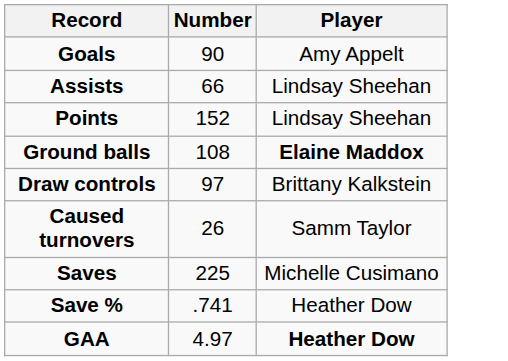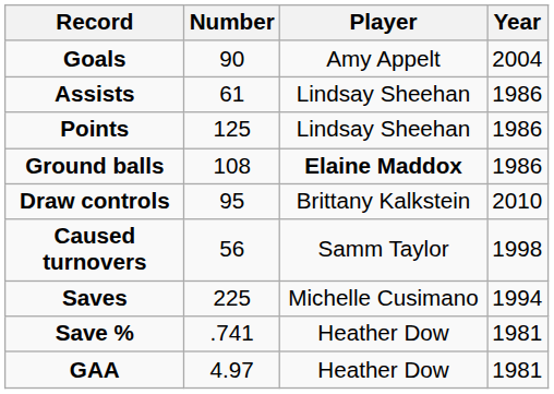 <table class="wikitable">
 <tr>
 <th style="width:120px; ">Record</th>
 <th style="width:35px; ">Number</th>
 <th style="width:140px; ">Player</th>
+<th style="width:30px; ">Year</th>
 </tr>
 <tr style="text-align:center;">
 <td><strong>Goals</strong></td>
 <td>90</td>
 <td>Amy Appelt</td>
+<td>2004</td>
 </tr>
 <tr style="text-align:center;">
 <td><strong>Assists</strong></td>
-<td>66</td>
+<td>61</td>
 <td>Lindsay Sheehan</td>
+<td>1986</td>
 </tr>
 <tr style="text-align:center;">
 <td><strong>Points</strong></td>
-<td>152</td>
+<td>125</td>
 <td>Lindsay Sheehan</td>
+<td>1986</td>
 </tr>
 <tr style="text-align:center;">
 <td><strong>Ground balls</strong></td>
 <td>108</td>
 <td><strong>Elaine Maddox</strong></td>
+<td>1986</td>
 </tr>
 <tr style="text-align:center;">
 <td><strong>Draw controls</strong></td>
-<td>97</td>
+<td>95</td>
 <td>Brittany Kalkstein</td>
+<td>2010</td>
 </tr>
 <tr style="text-align:center;">
 <td><strong>Caused turnovers</strong></td>
-<td>26</td>
+<td>56</td>
 <td>Samm Taylor</td>
+<td>1998</td>
 </tr>
 <tr style="text-align:center;">
 <td><strong>Saves</strong></td>
 <td>225</td>
 <td>Michelle Cusimano</td>
+<td>1994</td>
 </tr>
 <tr style="text-align:center;">
 <td><strong>Save %</strong></td>
 <td>.741</td>
 <td>Heather Dow</td>
+<td>1981</td>
 </tr>
 <tr style="text-align:center;">
 <td><strong>GAA</strong></td>
 <td>4.97</td>
-<td><strong>Heather Dow</strong></td>
+<td>Heather Dow</td>
+<td>1981</td>
 </tr>
 </table>
